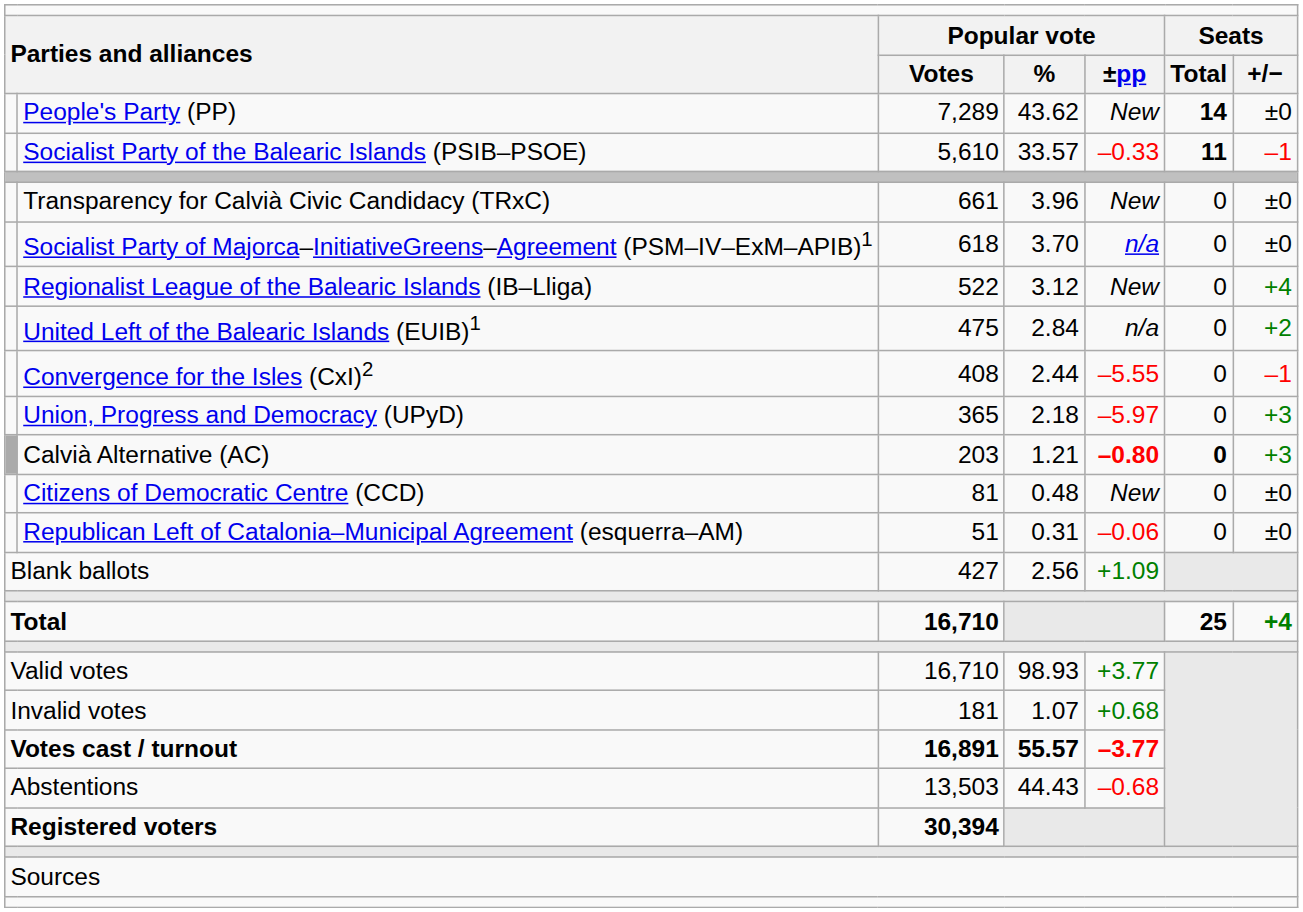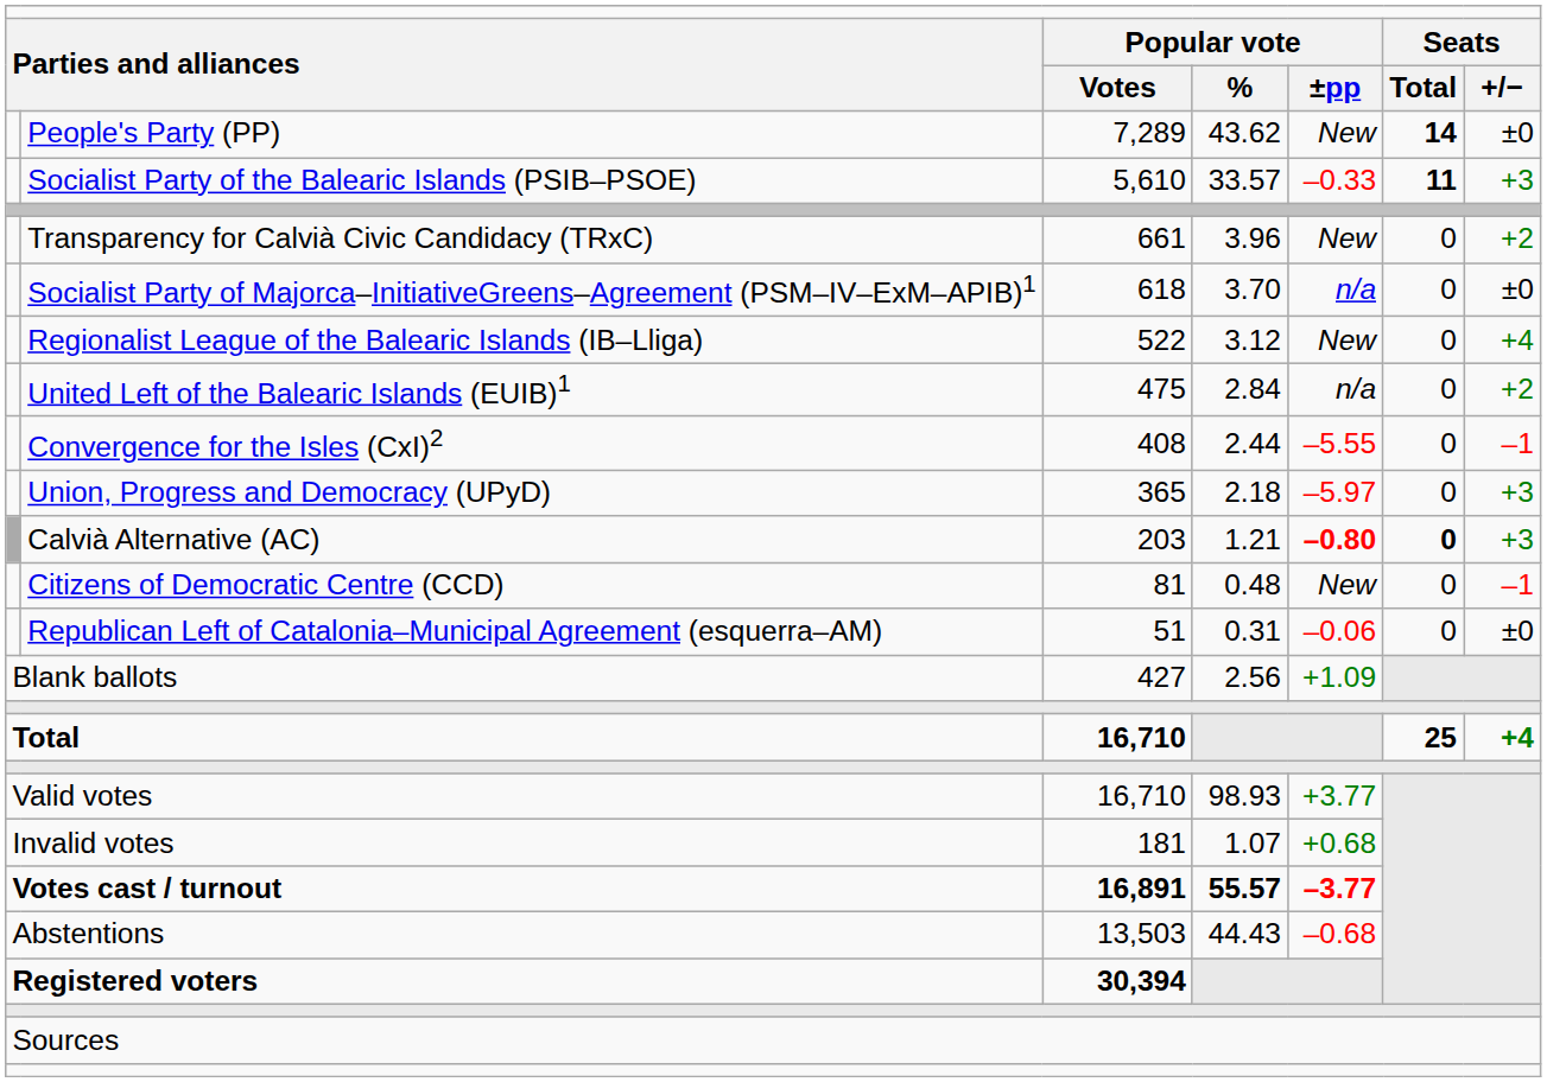 <table class="wikitable" style="text-align:right;">
 <tr>
 <td colspan="7"></td>
 </tr>
 <tr>
 <th style="text-align:left;" rowspan="2" colspan="2" width="525">Parties and alliances</th>
 <th colspan="3">Popular vote</th>
 <th colspan="2">Seats</th>
 </tr>
 <tr>
 <th width="75">Votes</th>
 <th width="45">%</th>
 <th width="45">±<a href='#'>pp</a></th>
 <th width="35">Total</th>
 <th width="35">+/−</th>
 </tr>
 <tr>
 <td width="1" style="color:inherit;background:"></td>
 <td align="left"><a href='#'>People's Party</a> (PP)</td>
 <td>7,289</td>
 <td>43.62</td>
 <td><em>New</em></td>
 <td><strong>14</strong></td>
 <td>±0</td>
 </tr>
 <tr>
 <td style="color:inherit;background:"></td>
 <td align="left"><a href='#'>Socialist Party of the Balearic Islands</a> (PSIB–PSOE)</td>
 <td>5,610</td>
 <td>33.57</td>
 <td style="color:red;">–0.33</td>
 <td><strong>11</strong></td>
-<td style="color:red;">–1</td>
+<td style="color:green;">+3</td>
 </tr>
 <tr>
 <td colspan="7" style="color:inherit;background:#C0C0C0"></td>
 </tr>
 <tr>
 <td style="color:inherit;background:"></td>
 <td align="left">Transparency for Calvià Civic Candidacy (TRxC)</td>
 <td>661</td>
 <td>3.96</td>
 <td><em>New</em></td>
 <td>0</td>
-<td>±0</td>
+<td style="color:green;">+2</td>
 </tr>
 <tr>
 <td style="color:inherit;background:"></td>
 <td align="left"><a href='#'>Socialist Party of Majorca</a>–<a href='#'>InitiativeGreens</a>–<a href='#'>Agreement</a> (PSM–IV–ExM–APIB)<sup>1</sup></td>
 <td>618</td>
 <td>3.70</td>
 <td><em><a href='#'>n/a</a></em></td>
 <td>0</td>
 <td>±0</td>
 </tr>
 <tr>
 <td style="color:inherit;background:"></td>
 <td align="left"><a href='#'>Regionalist League of the Balearic Islands</a> (IB–Lliga)</td>
 <td>522</td>
 <td>3.12</td>
 <td><em>New</em></td>
 <td>0</td>
 <td style="color:green;">+4</td>
 </tr>
 <tr>
 <td style="color:inherit;background:"></td>
 <td align="left"><a href='#'>United Left of the Balearic Islands</a> (EUIB)<sup>1</sup></td>
 <td>475</td>
 <td>2.84</td>
 <td><em>n/a</em></td>
 <td>0</td>
 <td style="color:green;">+2</td>
 </tr>
 <tr>
 <td style="color:inherit;background:"></td>
 <td align="left"><a href='#'>Convergence for the Isles</a> (CxI)<sup>2</sup></td>
 <td>408</td>
 <td>2.44</td>
 <td style="color:red;">–5.55</td>
 <td>0</td>
 <td style="color:red;">–1</td>
 </tr>
 <tr>
 <td style="color:inherit;background:"></td>
 <td align="left"><a href='#'>Union, Progress and Democracy</a> (UPyD)</td>
 <td>365</td>
 <td>2.18</td>
 <td style="color:red;">–5.97</td>
 <td>0</td>
 <td style="color:green;">+3</td>
 </tr>
 <tr>
 <td style="color:inherit;background:#AAAAAA"></td>
 <td align="left">Calvià Alternative (AC)</td>
 <td>203</td>
 <td>1.21</td>
 <td style="color:red;"><strong>–0.80</strong></td>
 <td><strong>0</strong></td>
 <td style="color:green;">+3</td>
 </tr>
 <tr>
 <td style="color:inherit;background:"></td>
 <td align="left"><a href='#'>Citizens of Democratic Centre</a> (CCD)</td>
 <td>81</td>
 <td>0.48</td>
 <td><em>New</em></td>
 <td>0</td>
-<td>±0</td>
+<td style="color:red;">–1</td>
 </tr>
 <tr>
 <td style="color:inherit;background:"></td>
 <td align="left"><a href='#'>Republican Left of Catalonia–Municipal Agreement</a> (esquerra–AM)</td>
 <td>51</td>
 <td>0.31</td>
 <td style="color:red;">–0.06</td>
 <td>0</td>
 <td>±0</td>
 </tr>
 <tr>
 <td align="left" colspan="2">Blank ballots</td>
 <td>427</td>
 <td>2.56</td>
 <td style="color:green;">+1.09</td>
 <td style="color:inherit;background:#E9E9E9" colspan="2"></td>
 </tr>
 <tr>
 <td colspan="7" style="color:inherit;background:#E9E9E9"></td>
 </tr>
 <tr style="font-weight:bold;">
 <td align="left" colspan="2">Total</td>
 <td>16,710</td>
 <td bgcolor="#E9E9E9" colspan="2"></td>
 <td>25</td>
 <td style="color:green;">+4</td>
 </tr>
 <tr>
 <td colspan="7" style="color:inherit;background:#E9E9E9"></td>
 </tr>
 <tr>
 <td align="left" colspan="2">Valid votes</td>
 <td>16,710</td>
 <td>98.93</td>
 <td style="color:green;">+3.77</td>
 <td bgcolor="#E9E9E9" colspan="2" rowspan="5"></td>
 </tr>
 <tr>
 <td align="left" colspan="2">Invalid votes</td>
 <td>181</td>
 <td>1.07</td>
 <td style="color:green;">+0.68</td>
 </tr>
 <tr style="font-weight:bold;">
 <td align="left" colspan="2">Votes cast / turnout</td>
 <td>16,891</td>
 <td>55.57</td>
 <td style="color:red;">–3.77</td>
 </tr>
 <tr>
 <td align="left" colspan="2">Abstentions</td>
 <td>13,503</td>
 <td>44.43</td>
 <td style="color:red;">–0.68</td>
 </tr>
 <tr style="font-weight:bold;">
 <td align="left" colspan="2">Registered voters</td>
 <td>30,394</td>
 <td bgcolor="#E9E9E9" colspan="2"></td>
 </tr>
 <tr>
 <td colspan="7" style="color:inherit;background:#E9E9E9"></td>
 </tr>
 <tr>
 <td align="left" colspan="7">Sources</td>
 </tr>
 <tr>
 <td colspan="7" style="text-align:left; max-width:790px;"></td>
 </tr>
 </table>
